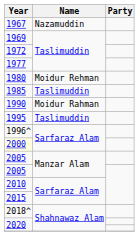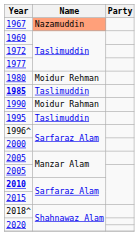 <table class="wikitable sortable">
 <tr>
 <th>Year</th>
 <th>Name</th>
 <th colspan="2">Party</th>
 </tr>
 <tr>
 <td><a href='#'>1967</a></td>
-<td>Nazamuddin</td>
+<td style="background: lightsalmon;">Nazamuddin</td>
 <td></td>
 </tr>
 <tr>
 <td><a href='#'>1969</a></td>
 <td rowspan="3"><a href='#'>Taslimuddin</a></td>
 <td></td>
 </tr>
 <tr>
 <td><a href='#'>1972</a></td>
 <td></td>
 </tr>
 <tr>
 <td><a href='#'>1977</a></td>
 <td></td>
 </tr>
 <tr>
 <td><a href='#'>1980</a></td>
 <td>Moidur Rehman</td>
 <td></td>
 </tr>
 <tr>
-<td><a href='#'>1985</a></td>
+<td><strong><a href='#'>1985</a></strong></td>
 <td><a href='#'>Taslimuddin</a></td>
 <td></td>
 </tr>
 <tr>
 <td><a href='#'>1990</a></td>
 <td>Moidur Rahman</td>
 <td></td>
 </tr>
 <tr>
 <td><a href='#'>1995</a></td>
 <td><a href='#'>Taslimuddin</a></td>
 <td></td>
 </tr>
 <tr>
 <td>1996^</td>
 <td rowspan="2"><a href='#'>Sarfaraz Alam</a></td>
 <td></td>
 </tr>
 <tr>
-<td style="background: lightyellow;"><a href='#'>2000</a></td>
+<td><a href='#'>2000</a></td>
 <td></td>
 </tr>
 <tr>
 <td><a href='#'>2005</a></td>
 <td rowspan="2">Manzar Alam</td>
 <td></td>
 </tr>
 <tr>
 <td><a href='#'>2005</a></td>
 </tr>
 <tr>
-<td><a href='#'>2010</a></td>
+<td><strong><a href='#'>2010</a></strong></td>
 <td rowspan="2"><a href='#'>Sarfaraz Alam</a></td>
 </tr>
 <tr>
 <td><a href='#'>2015</a></td>
 </tr>
 <tr>
 <td>2018^</td>
 <td rowspan="3"><a href='#'>Shahnawaz Alam</a></td>
 <td></td>
 </tr>
 <tr>
 <td rowspan="2"><a href='#'>2020</a></td>
 <td></td>
 </tr>
 <tr>
 <td></td>
 </tr>
 <tr>
 </tr>
 </table>
